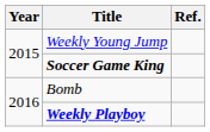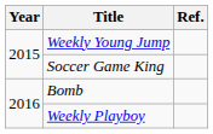 <table class="wikitable">
 <tr>
 <th>Year</th>
 <th>Title</th>
 <th>Ref.</th>
 </tr>
 <tr>
 <td rowspan="2">2015</td>
 <td><em><a href='#'>Weekly Young Jump</a></em></td>
 <td></td>
 </tr>
 <tr>
-<td><strong><em>Soccer Game King</em></strong></td>
+<td><em>Soccer Game King</em></td>
 <td></td>
 </tr>
 <tr>
 <td rowspan="2">2016</td>
 <td><em>Bomb</em></td>
 <td></td>
 </tr>
 <tr>
-<td><strong><em><a href='#'>Weekly Playboy</a></em></strong></td>
+<td><em><a href='#'>Weekly Playboy</a></em></td>
 <td></td>
 </tr>
 </table>
